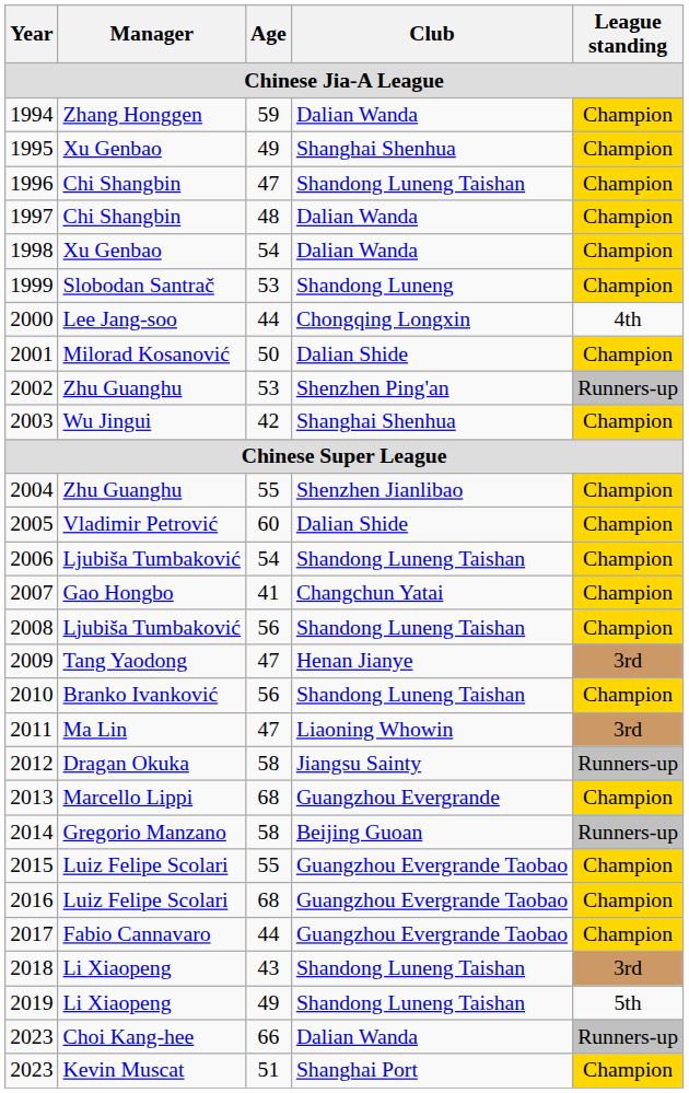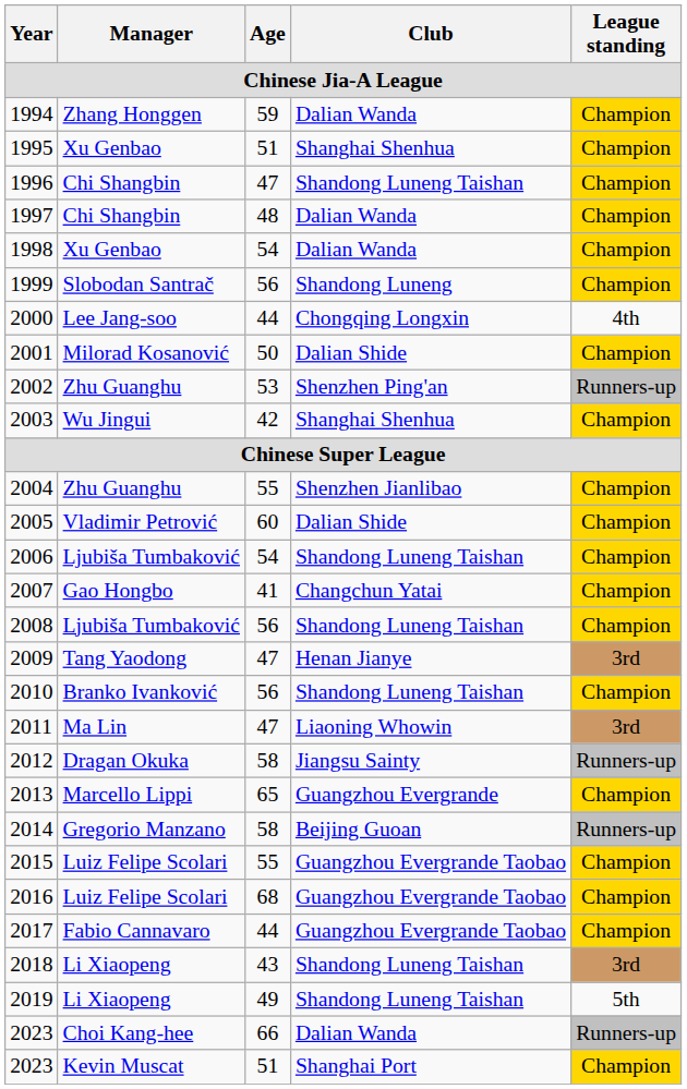 <table class="wikitable" style="text-align:left;">
 <tr>
 <th>Year</th>
 <th>Manager</th>
 <th>Age</th>
 <th>Club</th>
 <th>League<br>standing</th>
 </tr>
 <tr style="background:#ddd;">
 <td colspan="5" style="text-align:center"><strong>Chinese Jia-A League</strong></td>
 </tr>
 <tr>
 <td>1994</td>
 <td> <a href='#'>Zhang Honggen</a></td>
 <td align=center>59</td>
 <td><a href='#'>Dalian Wanda</a></td>
 <td align="center"; style="background:gold">Champion</td>
 </tr>
 <tr>
 <td>1995</td>
 <td> <a href='#'>Xu Genbao</a></td>
-<td align=center>49</td>
+<td align=center>51</td>
 <td><a href='#'>Shanghai Shenhua</a></td>
 <td align="center"; style="background:gold">Champion</td>
 </tr>
 <tr>
 <td>1996</td>
 <td> <a href='#'>Chi Shangbin</a></td>
 <td align=center>47</td>
 <td><a href='#'>Shandong Luneng Taishan</a></td>
 <td align="center"; style="background:gold">Champion</td>
 </tr>
 <tr>
 <td>1997</td>
 <td> <a href='#'>Chi Shangbin</a></td>
 <td align=center>48</td>
 <td><a href='#'>Dalian Wanda</a></td>
 <td align="center"; style="background:gold">Champion</td>
 </tr>
 <tr>
 <td>1998</td>
 <td> <a href='#'>Xu Genbao</a></td>
 <td align=center>54</td>
 <td><a href='#'>Dalian Wanda</a></td>
 <td align="center"; style="background:gold">Champion</td>
 </tr>
 <tr>
 <td>1999</td>
 <td> <a href='#'>Slobodan Santrač</a></td>
-<td align=center>53</td>
+<td align=center>56</td>
 <td><a href='#'>Shandong Luneng</a></td>
 <td align="center"; style="background:gold">Champion</td>
 </tr>
 <tr>
 <td>2000</td>
 <td> <a href='#'>Lee Jang-soo</a></td>
 <td align=center>44</td>
 <td><a href='#'>Chongqing Longxin</a></td>
 <td align="center">4th</td>
 </tr>
 <tr>
 <td>2001</td>
 <td> <a href='#'>Milorad Kosanović</a></td>
 <td align=center>50</td>
 <td><a href='#'>Dalian Shide</a></td>
 <td align="center"; style="background:gold">Champion</td>
 </tr>
 <tr>
 <td>2002</td>
 <td> <a href='#'>Zhu Guanghu</a></td>
 <td align=center>53</td>
 <td><a href='#'>Shenzhen Ping'an</a></td>
 <td align="center"; style="background:silver">Runners-up</td>
 </tr>
 <tr>
 <td>2003</td>
 <td> <a href='#'>Wu Jingui</a></td>
 <td align=center>42</td>
 <td><a href='#'>Shanghai Shenhua</a></td>
 <td align="center"; style="background:gold">Champion</td>
 </tr>
 <tr style="background:#ddd;">
 <td colspan="5" style="text-align:center"><strong>Chinese Super League</strong></td>
 </tr>
 <tr>
 <td>2004</td>
 <td> <a href='#'>Zhu Guanghu</a></td>
 <td align=center>55</td>
 <td><a href='#'>Shenzhen Jianlibao</a></td>
 <td align="center"; style="background:gold">Champion</td>
 </tr>
 <tr>
 <td>2005</td>
 <td> <a href='#'>Vladimir Petrović</a></td>
 <td align=center>60</td>
 <td><a href='#'>Dalian Shide</a></td>
 <td align="center"; style="background:gold">Champion</td>
 </tr>
 <tr>
 <td>2006</td>
 <td> <a href='#'>Ljubiša Tumbaković</a></td>
 <td align=center>54</td>
 <td><a href='#'>Shandong Luneng Taishan</a></td>
 <td align="center"; style="background:gold">Champion</td>
 </tr>
 <tr>
 <td>2007</td>
 <td> <a href='#'>Gao Hongbo</a></td>
 <td align=center>41</td>
 <td><a href='#'>Changchun Yatai</a></td>
 <td align="center"; style="background:gold">Champion</td>
 </tr>
 <tr>
 <td>2008</td>
 <td> <a href='#'>Ljubiša Tumbaković</a></td>
 <td align=center>56</td>
 <td><a href='#'>Shandong Luneng Taishan</a></td>
 <td align="center"; style="background:gold">Champion</td>
 </tr>
 <tr>
 <td>2009</td>
 <td> <a href='#'>Tang Yaodong</a></td>
 <td align=center>47</td>
 <td><a href='#'>Henan Jianye</a></td>
 <td align="center"; style="background:#c96">3rd</td>
 </tr>
 <tr>
 <td>2010</td>
 <td> <a href='#'>Branko Ivanković</a></td>
 <td align=center>56</td>
 <td><a href='#'>Shandong Luneng Taishan</a></td>
 <td align="center"; style="background:gold">Champion</td>
 </tr>
 <tr>
 <td>2011</td>
 <td> <a href='#'>Ma Lin</a></td>
 <td align=center>47</td>
 <td><a href='#'>Liaoning Whowin</a></td>
 <td align="center"; style="background:#c96">3rd</td>
 </tr>
 <tr>
 <td>2012</td>
 <td> <a href='#'>Dragan Okuka</a></td>
 <td align=center>58</td>
 <td><a href='#'>Jiangsu Sainty</a></td>
 <td align="center"; style="background:silver">Runners-up</td>
 </tr>
 <tr>
 <td>2013</td>
 <td> <a href='#'>Marcello Lippi</a></td>
-<td align=center>68</td>
+<td align=center>65</td>
 <td><a href='#'>Guangzhou Evergrande</a></td>
 <td align="center"; style="background:gold">Champion</td>
 </tr>
 <tr>
 <td>2014</td>
 <td> <a href='#'>Gregorio Manzano</a></td>
 <td align=center>58</td>
 <td><a href='#'>Beijing Guoan</a></td>
 <td align="center"; style="background:silver">Runners-up</td>
 </tr>
 <tr>
 <td>2015</td>
 <td> <a href='#'>Luiz Felipe Scolari</a></td>
 <td align=center>55</td>
 <td><a href='#'>Guangzhou Evergrande Taobao</a></td>
 <td align="center"; style="background:gold">Champion</td>
 </tr>
 <tr>
 <td>2016</td>
 <td> <a href='#'>Luiz Felipe Scolari</a></td>
 <td align=center>68</td>
 <td><a href='#'>Guangzhou Evergrande Taobao</a></td>
 <td align="center"; style="background:gold">Champion</td>
 </tr>
 <tr>
 <td>2017</td>
 <td> <a href='#'>Fabio Cannavaro</a></td>
 <td align=center>44</td>
 <td><a href='#'>Guangzhou Evergrande Taobao</a></td>
 <td align="center"; style="background:gold">Champion</td>
 </tr>
 <tr>
 <td>2018</td>
 <td> <a href='#'>Li Xiaopeng</a></td>
 <td align=center>43</td>
 <td><a href='#'>Shandong Luneng Taishan</a></td>
 <td align="center"; style="background:#c96">3rd</td>
 </tr>
 <tr>
 <td>2019</td>
 <td> <a href='#'>Li Xiaopeng</a></td>
 <td align=center>49</td>
 <td><a href='#'>Shandong Luneng Taishan</a></td>
 <td align="center">5th</td>
 </tr>
 <tr>
 <td>2023</td>
 <td> <a href='#'>Choi Kang-hee</a></td>
 <td align=center>66</td>
 <td><a href='#'>Dalian Wanda</a></td>
 <td align="center"; style="background:silver">Runners-up</td>
 </tr>
 <tr>
 <td>2023</td>
 <td> <a href='#'>Kevin Muscat</a></td>
 <td align=center>51</td>
 <td><a href='#'>Shanghai Port</a></td>
 <td align="center"; style="background:gold">Champion</td>
 </tr>
 </table>
